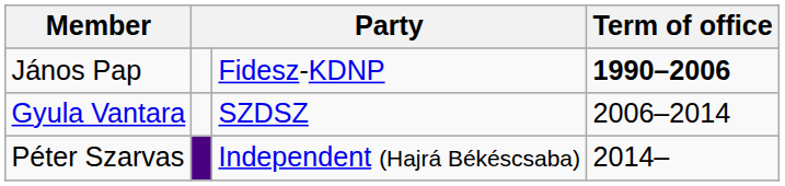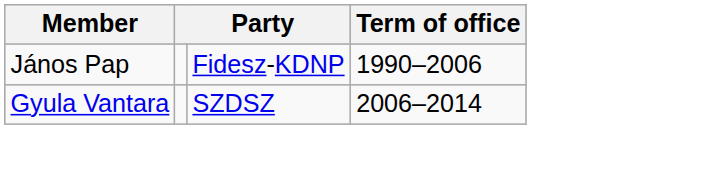 <table class=wikitable>
 <tr>
 <th>Member</th>
 <th colspan=2>Party</th>
 <th>Term of office</th>
 </tr>
 <tr>
 <td>János Pap</td>
 <td style="background-color:"></td>
 <td><a href='#'>Fidesz</a>-<a href='#'>KDNP</a></td>
-<td><strong>1990–2006</strong></td>
+<td>1990–2006</td>
 </tr>
 <tr>
 <td><a href='#'>Gyula Vantara</a></td>
 <td style="background-color:"></td>
 <td><a href='#'>SZDSZ</a></td>
 <td>2006–2014</td>
 </tr>
-<tr>
-<td>Péter Szarvas</td>
-<td style="background-color:#4B0082"> </td>
-<td><a href='#'>Independent</a> <small>(Hajrá Békéscsaba)</small></td>
-<td>2014–</td>
-</tr>
 </table>
